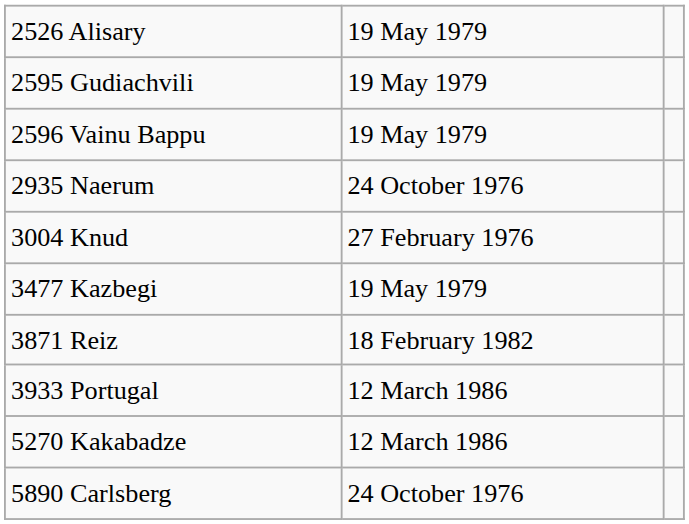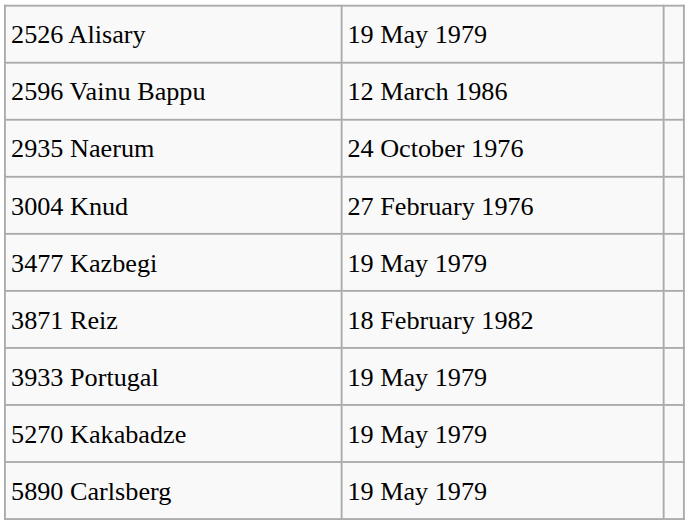 <table class="wikitable" style="font-size: 89%; float: left; width: 26em; margin-right: 1em; height: 280px;">
 <tr>
 <td>2526 Alisary</td>
 <td>19 May 1979</td>
 <td></td>
 </tr>
 <tr>
-<td>2595 Gudiachvili</td>
-<td>19 May 1979</td>
-<td></td>
-</tr>
-<tr>
 <td>2596 Vainu Bappu</td>
-<td>19 May 1979</td>
+<td>12 March 1986</td>
 <td></td>
 </tr>
 <tr>
 <td>2935 Naerum</td>
 <td>24 October 1976</td>
 <td></td>
 </tr>
 <tr>
 <td>3004 Knud</td>
 <td>27 February 1976</td>
 <td></td>
 </tr>
 <tr>
 <td>3477 Kazbegi</td>
 <td>19 May 1979</td>
 <td></td>
 </tr>
 <tr>
 <td>3871 Reiz</td>
 <td>18 February 1982</td>
 <td></td>
 </tr>
 <tr>
 <td>3933 Portugal</td>
-<td>12 March 1986</td>
+<td>19 May 1979</td>
 <td></td>
 </tr>
 <tr>
 <td>5270 Kakabadze</td>
-<td>12 March 1986</td>
+<td>19 May 1979</td>
 <td></td>
 </tr>
 <tr>
 <td>5890 Carlsberg</td>
-<td>24 October 1976</td>
+<td>19 May 1979</td>
 <td></td>
 </tr>
 </table>
